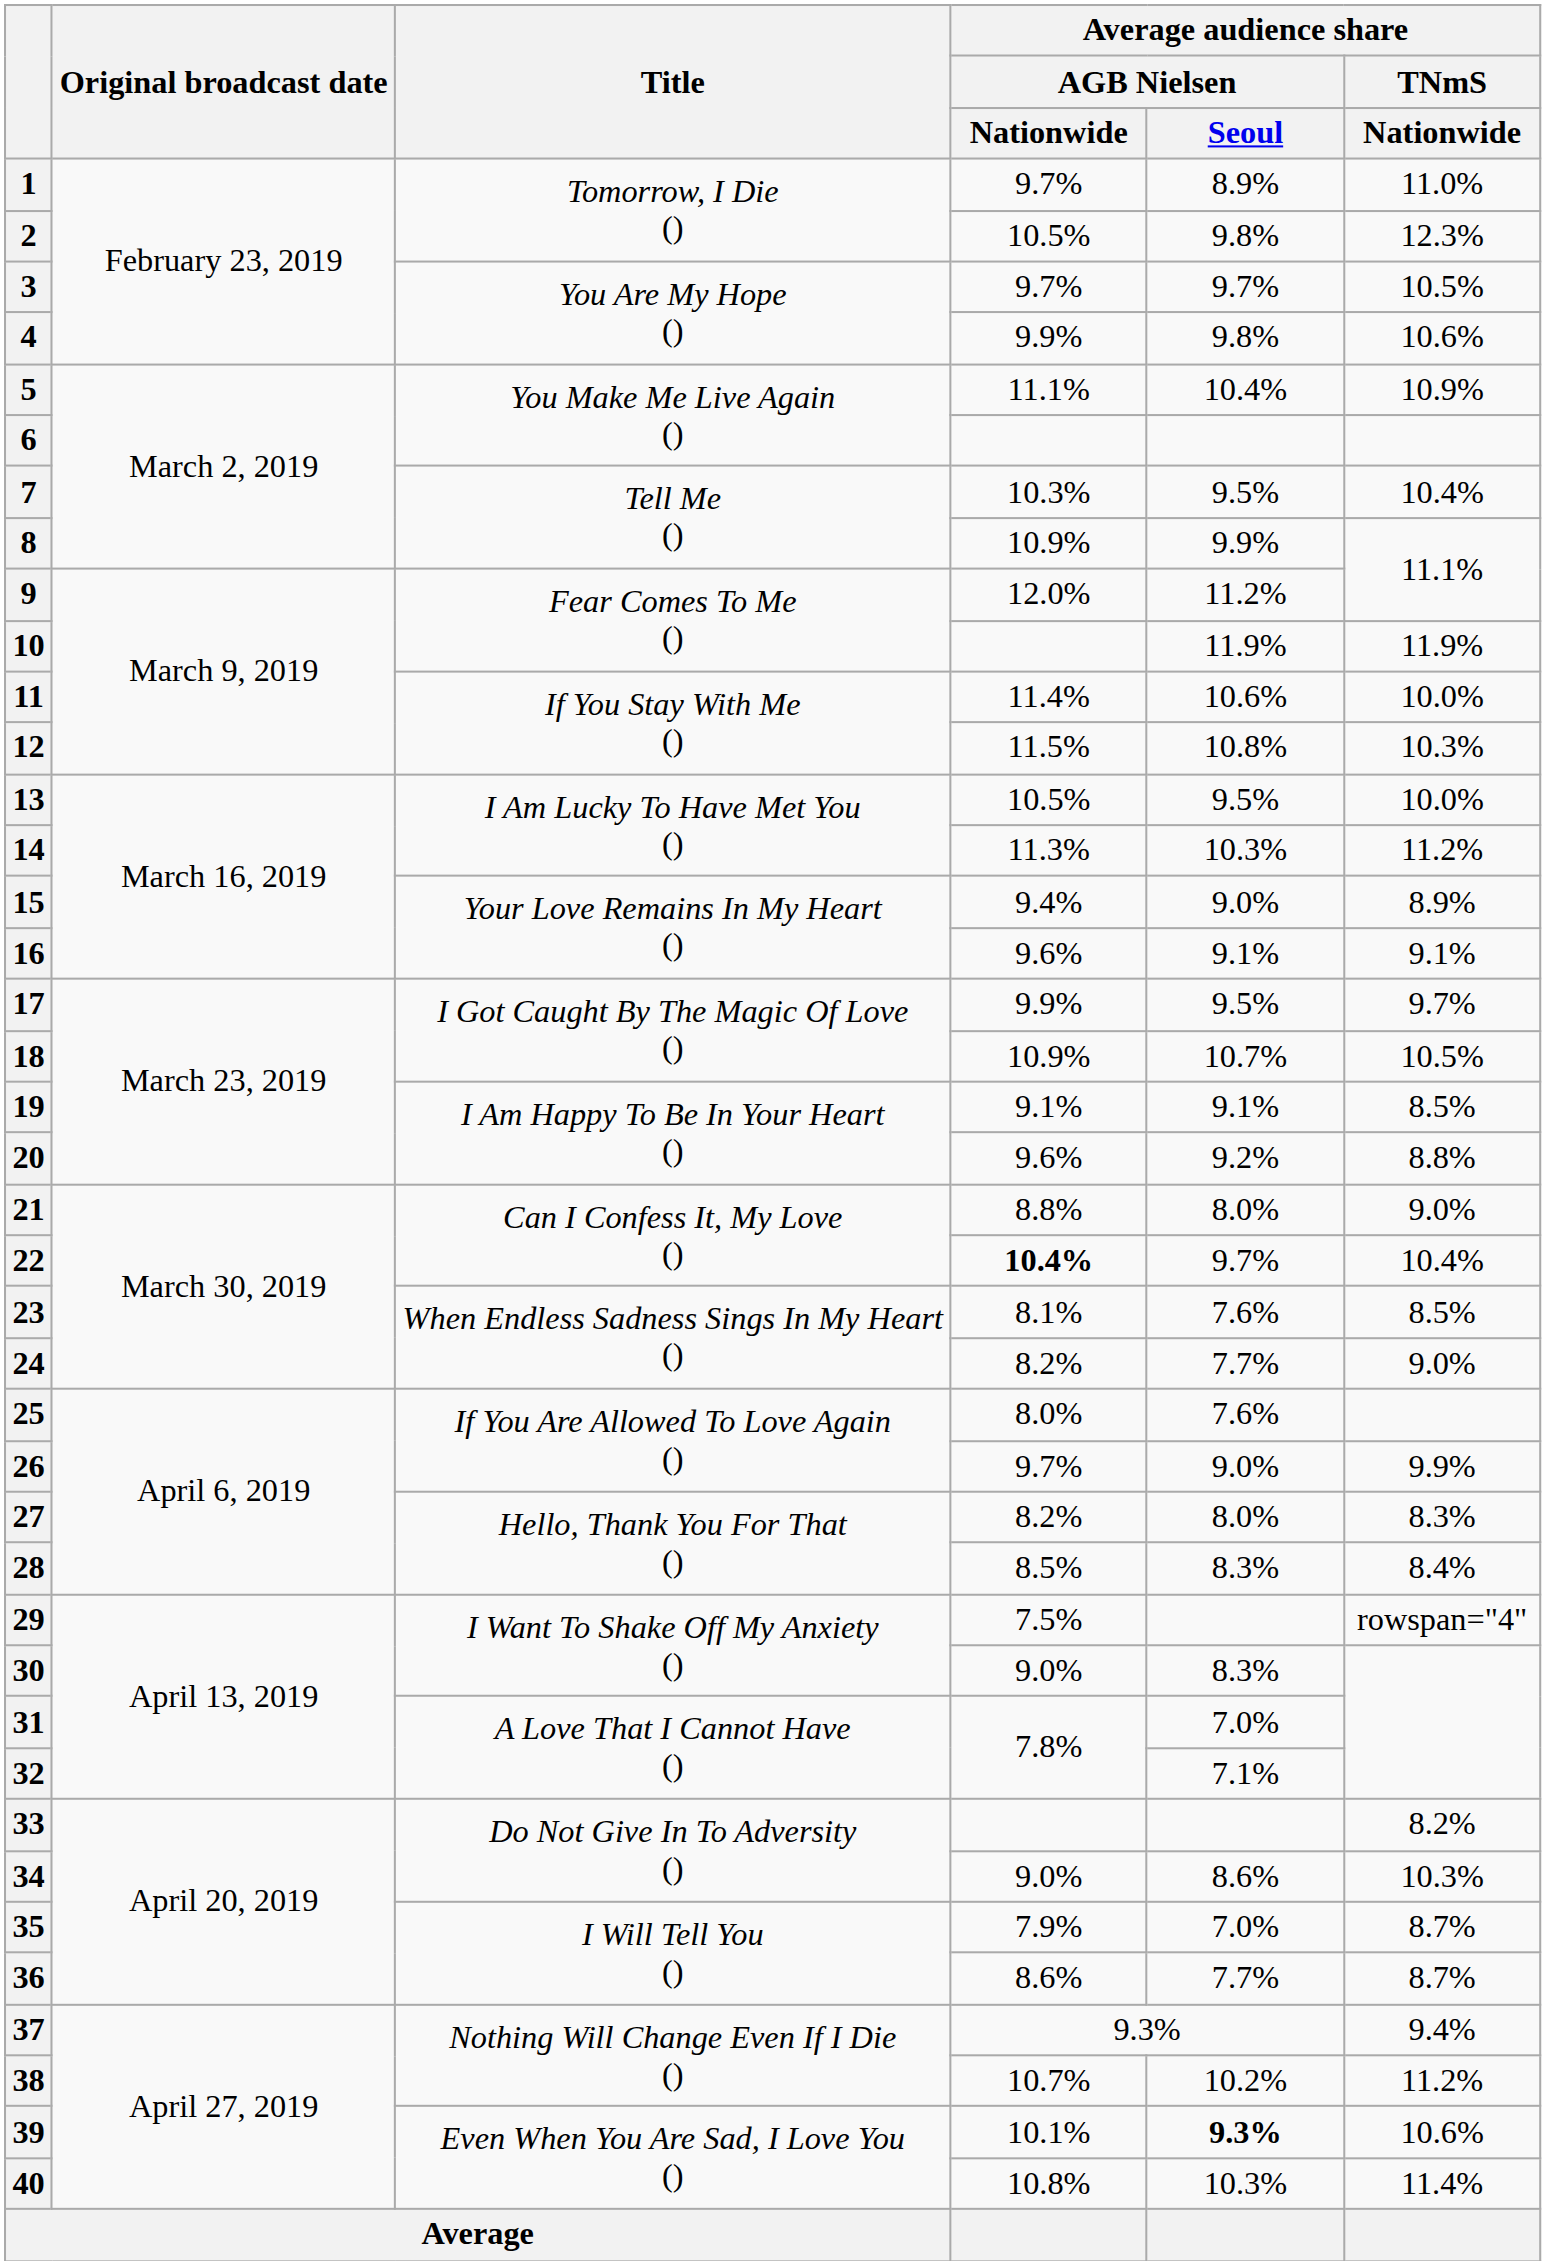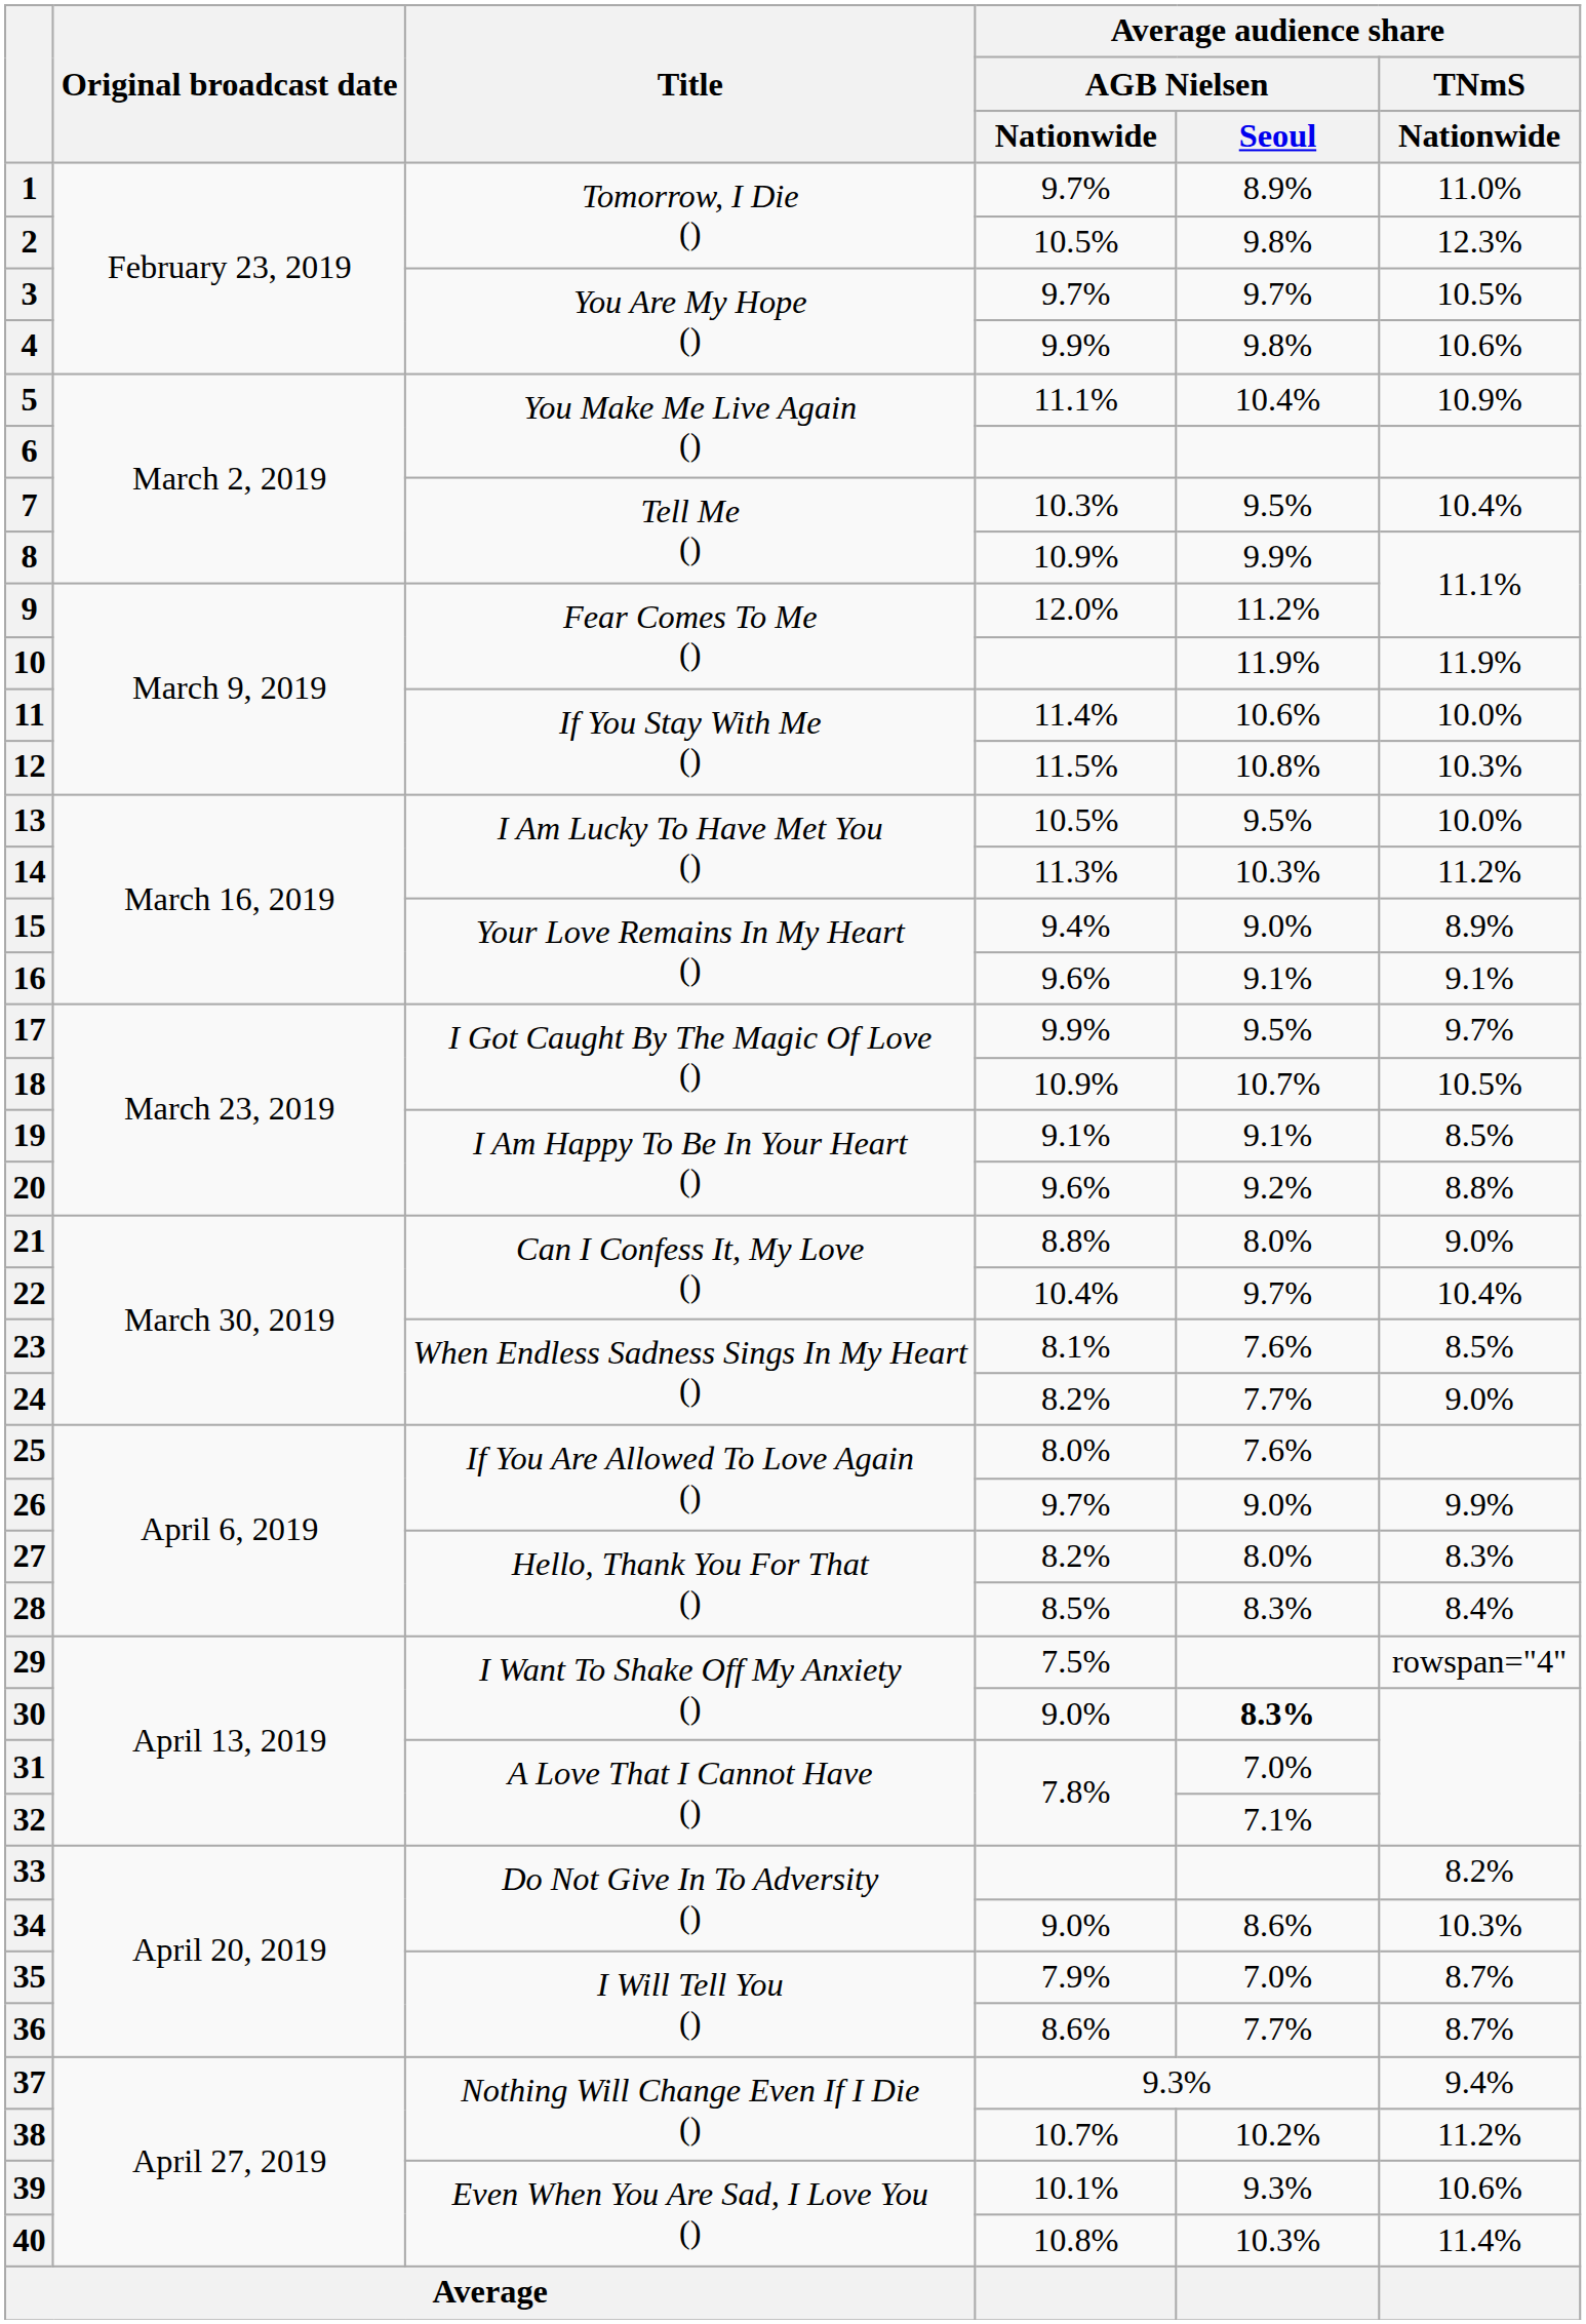 <table class="wikitable" style="text-align:center">
 <tr>
 <th rowspan="3"></th>
 <th rowspan="3">Original broadcast date</th>
 <th rowspan="3">Title</th>
 <th colspan="3">Average audience share</th>
 </tr>
 <tr>
 <th colspan="2">AGB Nielsen</th>
 <th width="90">TNmS</th>
 </tr>
 <tr>
 <th width="90">Nationwide</th>
 <th width="90"><a href='#'>Seoul</a></th>
 <th width="90">Nationwide</th>
 </tr>
 <tr>
 <th>1</th>
 <td rowspan="4">February 23, 2019</td>
 <td rowspan="2"><em>Tomorrow, I Die</em><br>()</td>
 <td>9.7% </td>
 <td>8.9% </td>
 <td>11.0%</td>
 </tr>
 <tr>
 <th>2</th>
 <td>10.5% </td>
 <td>9.8% </td>
 <td>12.3%</td>
 </tr>
 <tr>
 <th>3</th>
 <td rowspan="2"><em>You Are My Hope</em><br>()</td>
 <td>9.7% </td>
 <td>9.7% </td>
 <td>10.5%</td>
 </tr>
 <tr>
 <th>4</th>
 <td>9.9% </td>
 <td>9.8% </td>
 <td>10.6%</td>
 </tr>
 <tr>
 <th>5</th>
 <td rowspan="4">March 2, 2019</td>
 <td rowspan="2"><em>You Make Me Live Again</em><br>()</td>
 <td>11.1% </td>
 <td>10.4% </td>
 <td>10.9%</td>
 </tr>
 <tr>
 <th>6</th>
 <td> </td>
 <td> </td>
 <td></td>
 </tr>
 <tr>
 <th>7</th>
 <td rowspan="2"><em>Tell Me</em><br>()</td>
 <td>10.3% </td>
 <td>9.5% </td>
 <td>10.4%</td>
 </tr>
 <tr>
 <th>8</th>
 <td>10.9% </td>
 <td>9.9% </td>
 <td rowspan="2">11.1%</td>
 </tr>
 <tr>
 <th>9</th>
 <td rowspan="4">March 9, 2019</td>
 <td rowspan="2"><em>Fear Comes To Me</em><br>()</td>
 <td>12.0% </td>
 <td>11.2% </td>
 </tr>
 <tr>
 <th>10</th>
 <td> </td>
 <td>11.9% </td>
 <td>11.9%</td>
 </tr>
 <tr>
 <th>11</th>
 <td rowspan="2"><em>If You Stay With Me</em><br>()</td>
 <td>11.4% </td>
 <td>10.6% </td>
 <td>10.0%</td>
 </tr>
 <tr>
 <th>12</th>
 <td>11.5% </td>
 <td>10.8% </td>
 <td>10.3%</td>
 </tr>
 <tr>
 <th>13</th>
 <td rowspan="4">March 16, 2019</td>
 <td rowspan="2"><em>I Am Lucky To Have Met You</em><br>()</td>
 <td>10.5% </td>
 <td>9.5% </td>
 <td>10.0%</td>
 </tr>
 <tr>
 <th>14</th>
 <td>11.3% </td>
 <td>10.3% </td>
 <td>11.2%</td>
 </tr>
 <tr>
 <th>15</th>
 <td rowspan="2"><em>Your Love Remains In My Heart</em><br>()</td>
 <td>9.4% </td>
 <td>9.0% </td>
 <td>8.9%</td>
 </tr>
 <tr>
 <th>16</th>
 <td>9.6% </td>
 <td>9.1% </td>
 <td>9.1%</td>
 </tr>
 <tr>
 <th>17</th>
 <td rowspan="4">March 23, 2019</td>
 <td rowspan="2"><em>I Got Caught By The Magic Of Love</em><br>()</td>
 <td>9.9% </td>
 <td>9.5% </td>
 <td>9.7%</td>
 </tr>
 <tr>
 <th>18</th>
 <td>10.9% </td>
 <td>10.7% </td>
 <td>10.5%</td>
 </tr>
 <tr>
 <th>19</th>
 <td rowspan="2"><em>I Am Happy To Be In Your Heart</em><br>()</td>
 <td>9.1% </td>
 <td>9.1% </td>
 <td>8.5%</td>
 </tr>
 <tr>
 <th>20</th>
 <td>9.6% </td>
 <td>9.2% </td>
 <td>8.8%</td>
 </tr>
 <tr>
 <th>21</th>
 <td rowspan="4">March 30, 2019</td>
 <td rowspan="2"><em>Can I Confess It, My Love</em><br>()</td>
 <td>8.8% </td>
 <td>8.0% </td>
 <td>9.0%</td>
 </tr>
 <tr>
 <th>22</th>
-<td><strong>10.4% </strong></td>
+<td>10.4% </td>
 <td>9.7% </td>
 <td>10.4%</td>
 </tr>
 <tr>
 <th>23</th>
 <td rowspan="2"><em>When Endless Sadness Sings In My Heart</em><br>()</td>
 <td>8.1% </td>
 <td>7.6% </td>
 <td>8.5%</td>
 </tr>
 <tr>
 <th>24</th>
 <td>8.2% </td>
 <td>7.7% </td>
 <td>9.0%</td>
 </tr>
 <tr>
 <th>25</th>
 <td rowspan="4">April 6, 2019</td>
 <td rowspan="2"><em>If You Are Allowed To Love Again</em><br>()</td>
 <td>8.0% </td>
 <td>7.6% </td>
 <td></td>
 </tr>
 <tr>
 <th>26</th>
 <td>9.7% </td>
 <td>9.0% </td>
 <td>9.9%</td>
 </tr>
 <tr>
 <th>27</th>
 <td rowspan="2"><em>Hello, Thank You For That</em><br>()</td>
 <td>8.2% </td>
 <td>8.0% </td>
 <td>8.3%</td>
 </tr>
 <tr>
 <th>28</th>
 <td>8.5% </td>
 <td>8.3% </td>
 <td>8.4%</td>
 </tr>
 <tr>
 <th>29</th>
 <td rowspan="4">April 13, 2019</td>
 <td rowspan="2"><em>I Want To Shake Off My Anxiety</em><br>()</td>
 <td>7.5% </td>
 <td> </td>
 <td>rowspan="4" </td>
 </tr>
 <tr>
 <th>30</th>
 <td>9.0% </td>
-<td>8.3% </td>
+<td><strong>8.3% </strong></td>
 </tr>
 <tr>
 <th>31</th>
 <td rowspan="2"><em>A Love That I Cannot Have</em><br>()</td>
 <td rowspan="2">7.8% </td>
 <td>7.0% </td>
 </tr>
 <tr>
 <th>32</th>
 <td>7.1% </td>
 </tr>
 <tr>
 <th>33</th>
 <td rowspan="4">April 20, 2019</td>
 <td rowspan="2"><em>Do Not Give In To Adversity</em><br>()</td>
 <td> </td>
 <td></td>
 <td>8.2%</td>
 </tr>
 <tr>
 <th>34</th>
 <td>9.0% </td>
 <td>8.6% </td>
 <td>10.3%</td>
 </tr>
 <tr>
 <th>35</th>
 <td rowspan="2"><em>I Will Tell You</em><br>()</td>
 <td>7.9% </td>
 <td>7.0% </td>
 <td>8.7%</td>
 </tr>
 <tr>
 <th>36</th>
 <td>8.6% </td>
 <td>7.7% </td>
 <td>8.7%</td>
 </tr>
 <tr>
 <th>37</th>
 <td rowspan="4">April 27, 2019</td>
 <td rowspan="2"><em>Nothing Will Change Even If I Die</em><br>()</td>
 <td colspan="2">9.3% </td>
 <td>9.4%</td>
 </tr>
 <tr>
 <th>38</th>
 <td>10.7% </td>
 <td>10.2% </td>
 <td>11.2%</td>
 </tr>
 <tr>
 <th>39</th>
 <td rowspan="2"><em>Even When You Are Sad, I Love You</em><br>()</td>
 <td>10.1% </td>
-<td><strong>9.3% </strong></td>
+<td>9.3% </td>
 <td>10.6%</td>
 </tr>
 <tr>
 <th>40</th>
 <td>10.8% </td>
 <td>10.3% </td>
 <td>11.4%</td>
 </tr>
 <tr>
 <th colspan="3">Average</th>
 <th></th>
 <th></th>
 <th></th>
 </tr>
 </table>
